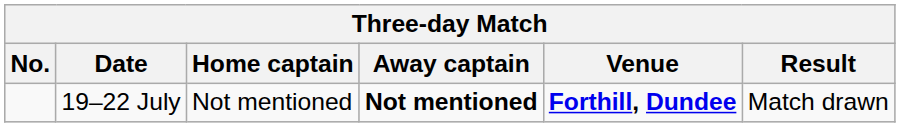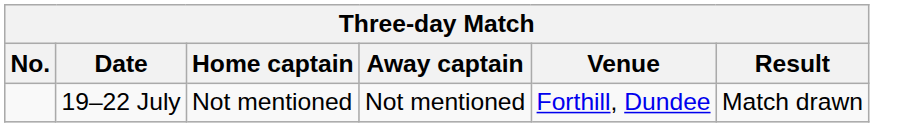 <table class="wikitable">
 <tr>
 <th colspan="9">Three-day Match</th>
 </tr>
 <tr>
 <th>No.</th>
 <th>Date</th>
 <th>Home captain</th>
 <th>Away captain</th>
 <th>Venue</th>
 <th>Result</th>
 </tr>
 <tr>
 <td></td>
 <td>19–22 July</td>
 <td>Not mentioned</td>
-<td><strong>Not mentioned</strong></td>
-<td><strong><a href='#'>Forthill</a>, <a href='#'>Dundee</a></strong></td>
+<td>Not mentioned</td>
+<td><a href='#'>Forthill</a>, <a href='#'>Dundee</a></td>
 <td>Match drawn</td>
 </tr>
 </table>
